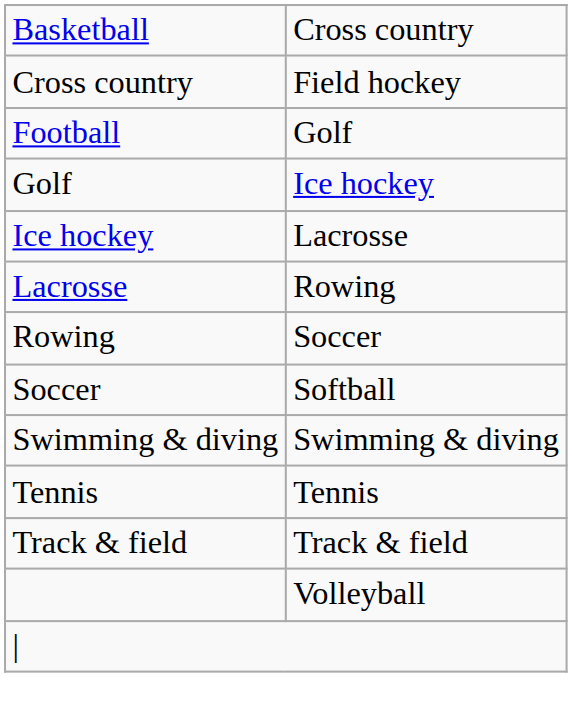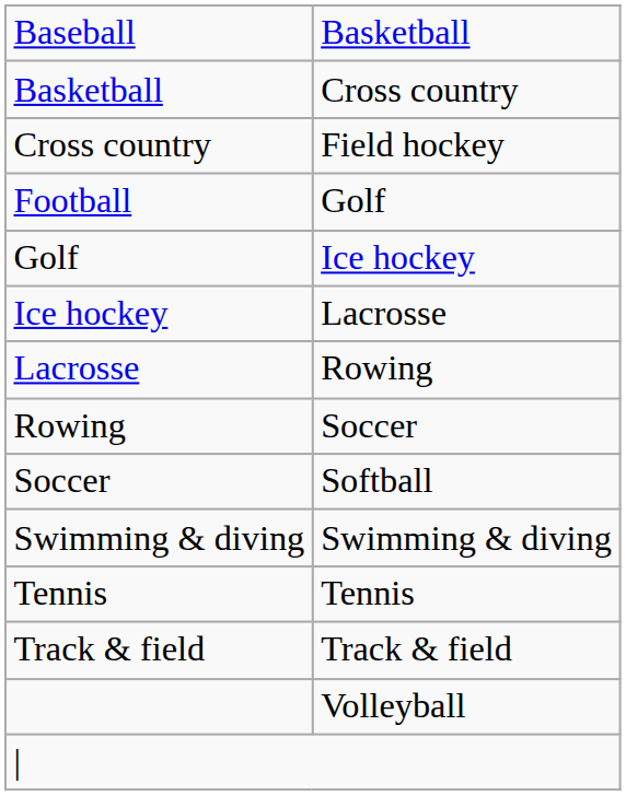 <table class="wikitable" style=" ">
 <tr>
+</tr>
+<tr>
+<td><a href='#'>Baseball</a></td>
+<td><a href='#'>Basketball</a></td>
 </tr>
 <tr>
 <td><a href='#'>Basketball</a></td>
 <td>Cross country</td>
 </tr>
 <tr>
 <td>Cross country</td>
 <td>Field hockey</td>
 </tr>
 <tr>
 <td><a href='#'>Football</a></td>
 <td>Golf</td>
 </tr>
 <tr>
 <td>Golf</td>
 <td><a href='#'>Ice hockey</a></td>
 </tr>
 <tr>
 <td><a href='#'>Ice hockey</a></td>
 <td>Lacrosse</td>
 </tr>
 <tr>
 <td><a href='#'>Lacrosse</a></td>
 <td>Rowing</td>
 </tr>
 <tr>
 <td>Rowing</td>
 <td>Soccer</td>
 </tr>
 <tr>
 <td>Soccer</td>
 <td>Softball</td>
 </tr>
 <tr>
 <td>Swimming & diving</td>
 <td>Swimming & diving</td>
 </tr>
 <tr>
 <td>Tennis</td>
 <td>Tennis</td>
 </tr>
 <tr>
 <td>Track & field</td>
 <td>Track & field</td>
 </tr>
 <tr>
 <td></td>
 <td>Volleyball</td>
 </tr>
 <tr>
 <td colspan="2">|</td>
 </tr>
 </table>
